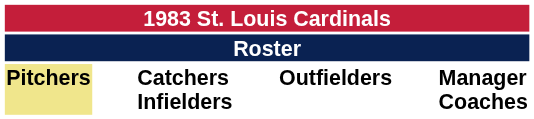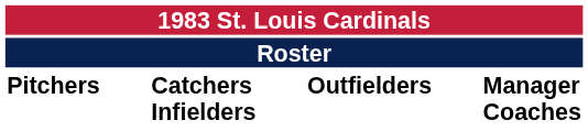 <table class="toccolours" style="font-size: 95%;">
 <tr>
 <th colspan="10" style="background-color: #c41e3a; color: white; text-align: center;">1983 St. Louis Cardinals</th>
 </tr>
 <tr>
 <td colspan="10" style="background-color: #0a2252; color: white; text-align: center;"><strong>Roster</strong></td>
 </tr>
 <tr>
-<td valign="top" style="background: khaki;"><strong>Pitchers</strong><br>                 </td>
+<td valign="top"><strong>Pitchers</strong><br>                 </td>
 <td width="25px"></td>
 <td valign="top"><strong>Catchers</strong><br>    <strong>Infielders</strong>            </td>
 <td width="25px"></td>
 <td valign="top"><strong>Outfielders</strong><br>       </td>
 <td width="25px"></td>
 <td valign="top"><strong>Manager</strong><br> <strong>Coaches</strong>     </td>
 </tr>
 </table>
